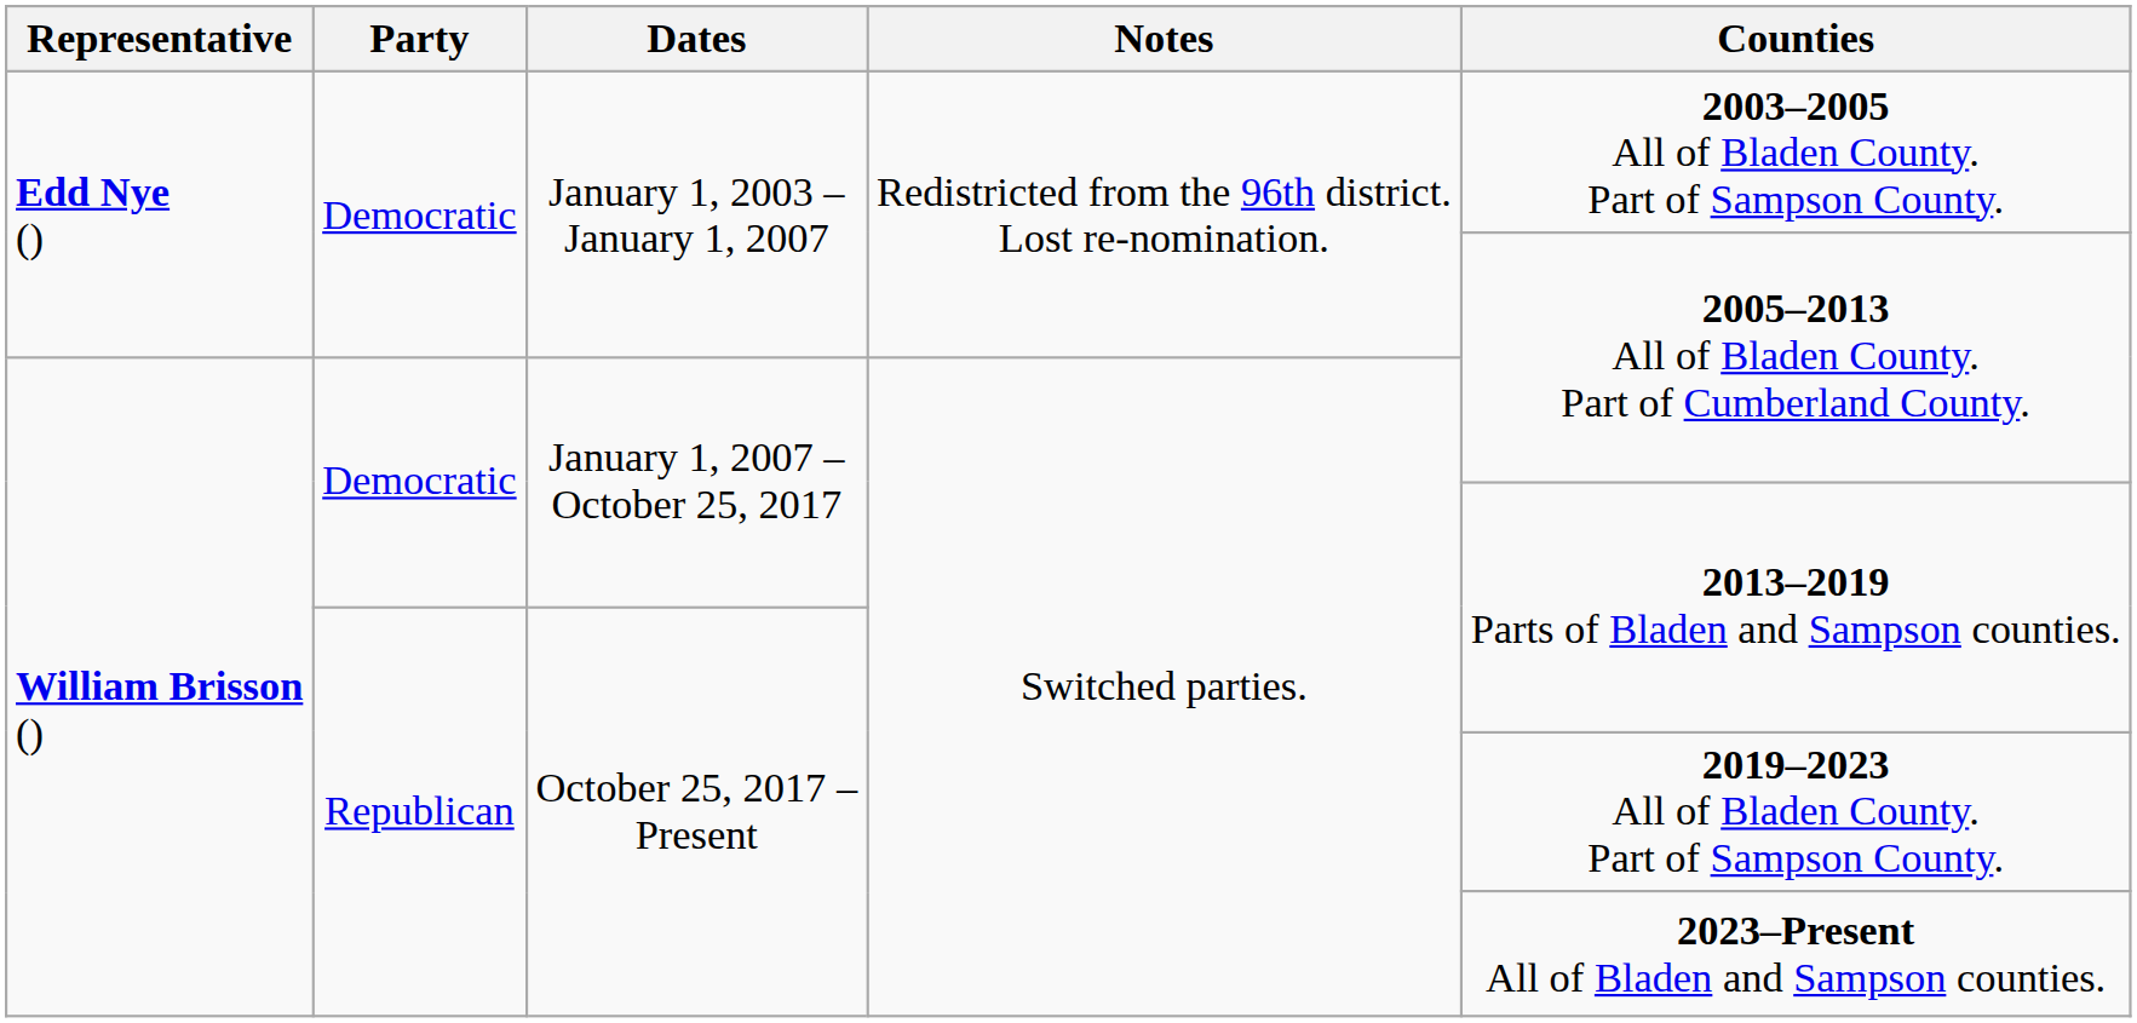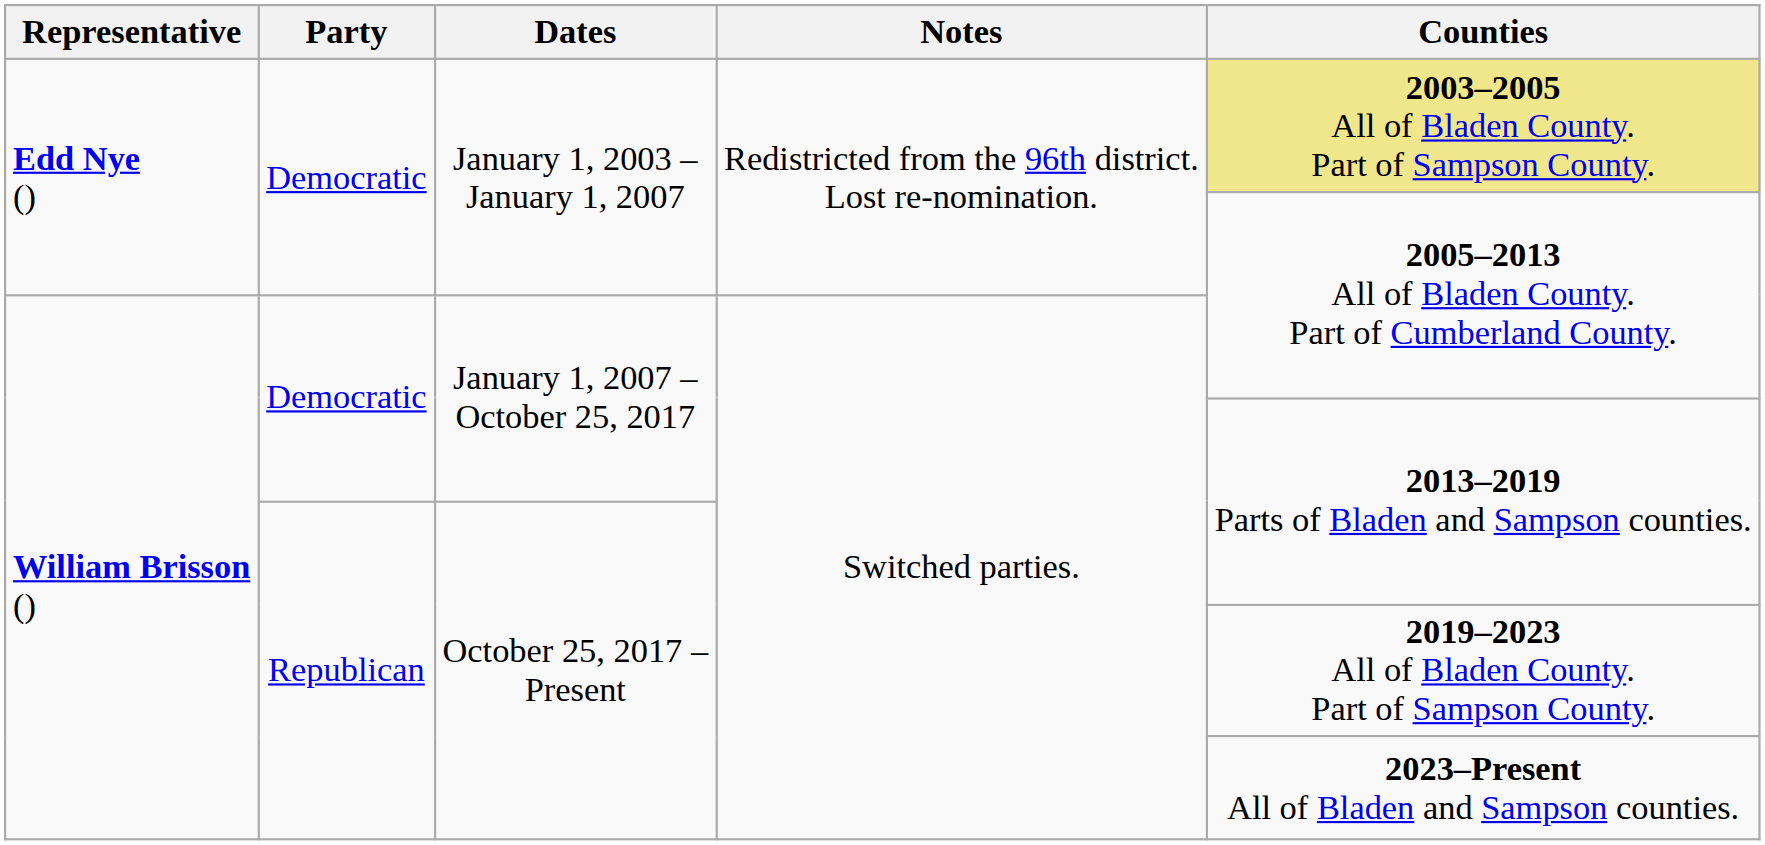 <table class=wikitable style="text-align:center">
 <tr>
 <th>Representative</th>
 <th>Party</th>
 <th>Dates</th>
 <th>Notes</th>
 <th>Counties</th>
 </tr>
 <tr style="height:3em">
 <td rowspan=2 align=left><strong><a href='#'>Edd Nye</a></strong><br>()</td>
 <td rowspan=2 ><a href='#'>Democratic</a></td>
 <td rowspan=2 nowrap>January 1, 2003 – <br> January 1, 2007</td>
 <td rowspan=2>Redistricted from the <a href='#'>96th</a> district. <br> Lost re-nomination.</td>
-<td><strong>2003–2005</strong> <br>  All of <a href='#'>Bladen County</a>. <br> Part of <a href='#'>Sampson County</a>.</td>
+<td style="background: khaki;"><strong>2003–2005</strong> <br>  All of <a href='#'>Bladen County</a>. <br> Part of <a href='#'>Sampson County</a>.</td>
 </tr>
 <tr style="height:3em">
 <td rowspan=2><strong>2005–2013</strong> <br> All of <a href='#'>Bladen County</a>. <br> Part of <a href='#'>Cumberland County</a>.</td>
 </tr>
 <tr style="height:3em">
 <td rowspan=5 align=left><br><strong><a href='#'>William Brisson</a></strong><br>()</td>
 <td rowspan=2 ><a href='#'>Democratic</a></td>
 <td rowspan=2 nowrap>January 1, 2007 – <br> October 25, 2017</td>
 <td rowspan=5>Switched parties.</td>
 </tr>
 <tr style="height:3em">
 <td rowspan=2><strong>2013–2019</strong> <br> Parts of <a href='#'>Bladen</a> and <a href='#'>Sampson</a> counties.</td>
 </tr>
 <tr style="height:3em">
 <td rowspan=3 ><a href='#'>Republican</a></td>
 <td rowspan=3 nowrap>October 25, 2017 – <br> Present</td>
 </tr>
 <tr style="height:3em">
 <td><strong>2019–2023</strong> <br> All of <a href='#'>Bladen County</a>. <br> Part of <a href='#'>Sampson County</a>.</td>
 </tr>
 <tr style="height:3em">
 <td><strong>2023–Present</strong> <br> All of <a href='#'>Bladen</a> and <a href='#'>Sampson</a> counties.</td>
 </tr>
 </table>
